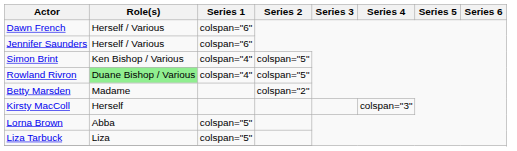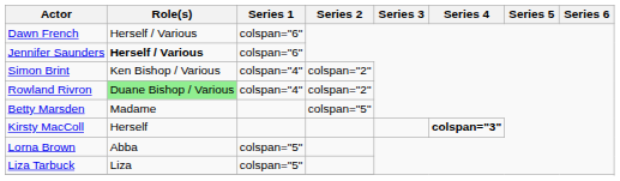 <table class="wikitable">
 <tr>
 <th>Actor</th>
 <th>Role(s)</th>
 <th style="width:50pt;">Series 1</th>
 <th style="width:50pt;">Series 2</th>
 <th style="width:50pt;">Series 3</th>
 <th style="width:50pt;">Series 4</th>
 <th style="width:50pt;">Series 5</th>
 <th style="width:50pt;">Series 6</th>
 </tr>
 <tr>
 <td><a href='#'>Dawn French</a></td>
 <td>Herself / Various</td>
 <td>colspan="6" </td>
 </tr>
 <tr>
 <td><a href='#'>Jennifer Saunders</a></td>
-<td>Herself / Various</td>
+<td><strong>Herself / Various</strong></td>
 <td>colspan="6" </td>
 </tr>
 <tr>
 <td><a href='#'>Simon Brint</a></td>
 <td>Ken Bishop / Various</td>
 <td>colspan="4" </td>
-<td>colspan="5" </td>
+<td>colspan="2" </td>
 </tr>
 <tr>
 <td><a href='#'>Rowland Rivron</a></td>
 <td style="background: lightgreen;">Duane Bishop / Various</td>
 <td>colspan="4" </td>
-<td>colspan="5" </td>
+<td>colspan="2" </td>
 </tr>
 <tr>
 <td><a href='#'>Betty Marsden</a></td>
 <td>Madame</td>
 <td></td>
-<td>colspan="2" </td>
+<td>colspan="5" </td>
 </tr>
 <tr>
 <td><a href='#'>Kirsty MacColl</a></td>
 <td>Herself</td>
 <td></td>
 <td></td>
 <td></td>
-<td>colspan="3" </td>
+<td><strong>colspan="3" </strong></td>
 </tr>
 <tr>
 <td><a href='#'>Lorna Brown</a></td>
 <td>Abba</td>
 <td>colspan="5" </td>
 <td></td>
 </tr>
 <tr>
 <td><a href='#'>Liza Tarbuck</a></td>
 <td>Liza</td>
 <td>colspan="5" </td>
 <td></td>
 </tr>
 <tr>
 </tr>
 </table>
